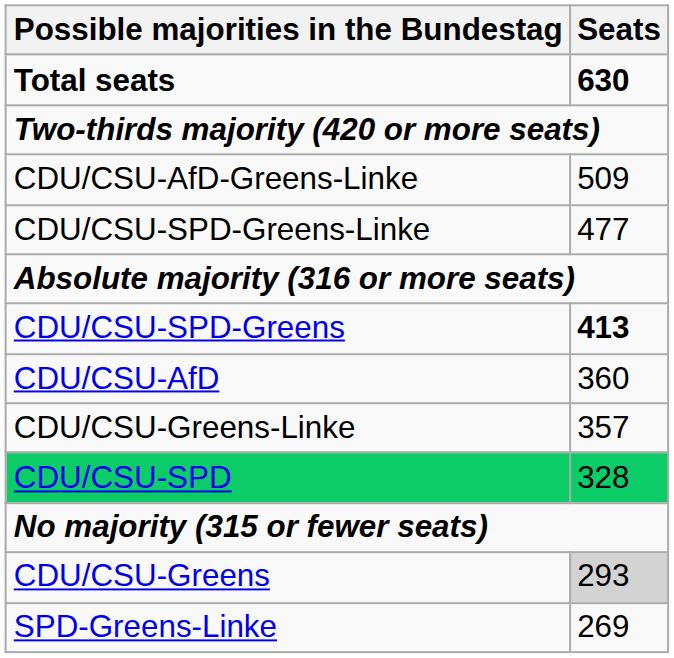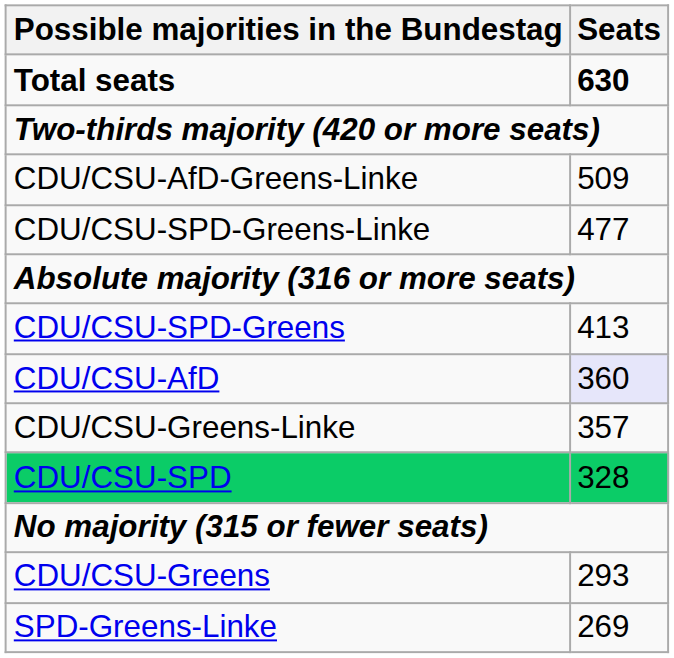 <table class="wikitable" style="float:right">
 <tr>
 <th>Possible majorities in the Bundestag</th>
 <th>Seats</th>
 </tr>
 <tr>
 <td><strong>Total seats</strong></td>
 <td><strong>630</strong></td>
 </tr>
 <tr>
 <td colspan="2"><strong><em>Two-thirds majority (420 or more seats)</em></strong></td>
 </tr>
 <tr>
 <td>    CDU/CSU-AfD-Greens-Linke</td>
 <td>509</td>
 </tr>
 <tr>
 <td>    CDU/CSU-SPD-Greens-Linke</td>
 <td>477</td>
 </tr>
 <tr>
 <td colspan="2"><strong><em>Absolute majority (316 or more seats)</em></strong></td>
 </tr>
 <tr>
 <td>   <a href='#'>CDU/CSU-SPD-Greens</a></td>
-<td><strong>413</strong></td>
+<td>413</td>
 </tr>
 <tr>
 <td>  <a href='#'>CDU/CSU-AfD</a></td>
-<td>360</td>
+<td style="background: lavender;">360</td>
 </tr>
 <tr>
 <td>   CDU/CSU-Greens-Linke</td>
 <td>357 </td>
 </tr>
 <tr>
 <td style="background:#0BCC67;">  <a href='#'>CDU/CSU-SPD</a></td>
 <td style="background:#0BCC67;">328</td>
 </tr>
 <tr>
 <td colspan="2"><strong><em>No majority (315 or fewer seats)</em></strong></td>
 </tr>
 <tr>
 <td>  <a href='#'>CDU/CSU-Greens</a></td>
-<td style="background: lightgrey;">293</td>
+<td>293</td>
 </tr>
 <tr>
 <td>   <a href='#'>SPD-Greens-Linke</a></td>
 <td>269</td>
 </tr>
 </table>
